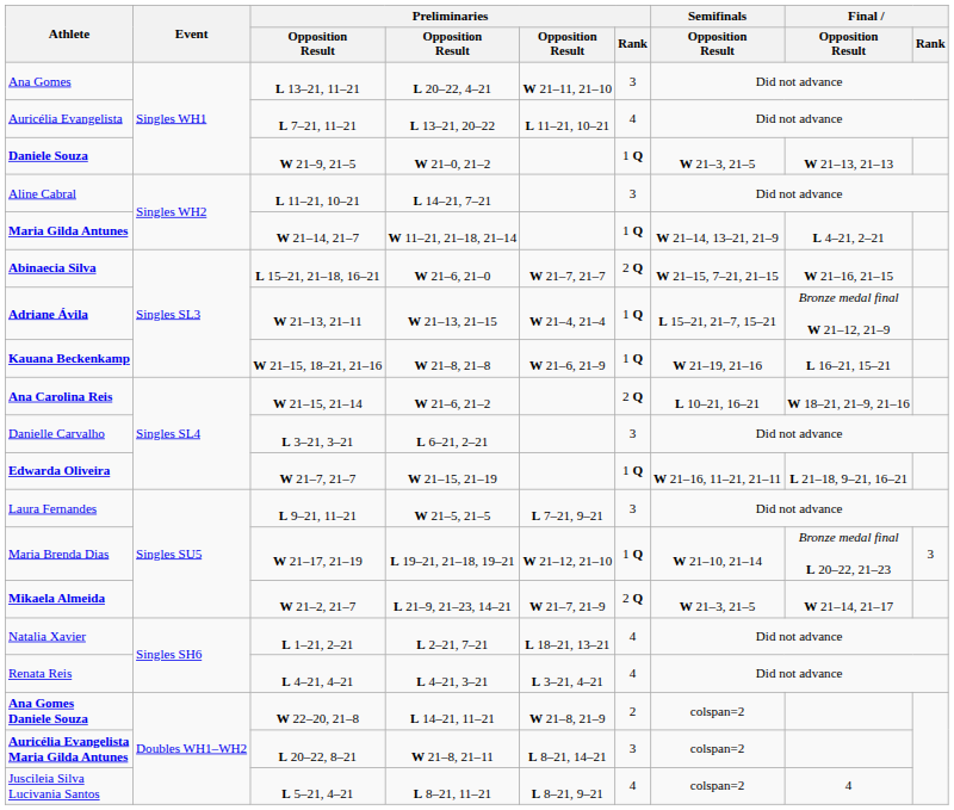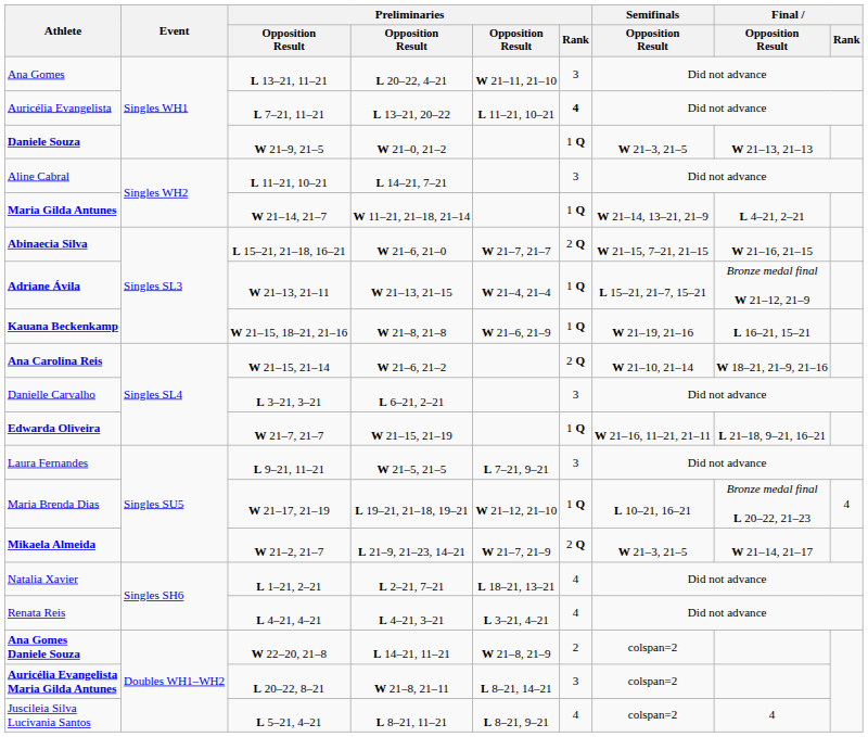 <table class=wikitable style="font-size:90%">
 <tr>
 <th rowspan="2">Athlete</th>
 <th rowspan="2">Event</th>
 <th colspan="4">Preliminaries</th>
 <th>Semifinals</th>
 <th colspan="2">Final / </th>
 </tr>
 <tr style="font-size:95%">
 <th>Opposition<br>Result</th>
 <th>Opposition<br>Result</th>
 <th>Opposition<br>Result</th>
 <th>Rank</th>
 <th>Opposition<br>Result</th>
 <th>Opposition<br>Result</th>
 <th>Rank</th>
 </tr>
 <tr align=center>
 <td align=left><a href='#'>Ana Gomes</a></td>
 <td align=left rowspan=3><a href='#'>Singles WH1</a></td>
 <td><br><strong>L</strong> 13–21, 11–21</td>
 <td><br><strong>L</strong> 20–22, 4–21</td>
 <td><br><strong>W</strong> 21–11, 21–10</td>
 <td>3</td>
 <td colspan=3>Did not advance</td>
 </tr>
 <tr align=center>
 <td align=left><a href='#'>Auricélia Evangelista</a></td>
 <td><br><strong>L</strong> 7–21, 11–21</td>
 <td><br><strong>L</strong> 13–21, 20–22</td>
 <td><br><strong>L</strong> 11–21, 10–21</td>
-<td>4</td>
+<td><strong>4</strong></td>
 <td colspan=3>Did not advance</td>
 </tr>
 <tr align=center>
 <td align=left><strong><a href='#'>Daniele Souza</a></strong></td>
 <td><br><strong>W</strong> 21–9, 21–5</td>
 <td><br><strong>W</strong> 21–0, 21–2</td>
 <td></td>
 <td>1 <strong>Q</strong></td>
 <td><br><strong>W</strong> 21–3, 21–5</td>
 <td><br><strong>W</strong> 21–13, 21–13</td>
 <td></td>
 </tr>
 <tr align=center>
 <td align=left><a href='#'>Aline Cabral</a></td>
 <td align=left rowspan=2><a href='#'>Singles WH2</a></td>
 <td><br><strong>L</strong> 11–21, 10–21</td>
 <td><br><strong>L</strong> 14–21, 7–21</td>
 <td></td>
 <td>3</td>
 <td colspan=3>Did not advance</td>
 </tr>
 <tr align=center>
 <td align=left><strong><a href='#'>Maria Gilda Antunes</a></strong></td>
 <td><br><strong>W</strong> 21–14, 21–7</td>
 <td><br><strong>W</strong> 11–21, 21–18, 21–14</td>
 <td></td>
 <td>1 <strong>Q</strong></td>
 <td><br><strong>W</strong> 21–14, 13–21, 21–9</td>
 <td><br><strong>L</strong> 4–21, 2–21</td>
 <td></td>
 </tr>
 <tr align=center>
 <td align=left><strong><a href='#'>Abinaecia Silva</a></strong></td>
 <td align=left rowspan=3><a href='#'>Singles SL3</a></td>
 <td><br><strong>L</strong> 15–21, 21–18, 16–21</td>
 <td><br><strong>W</strong> 21–6, 21–0</td>
 <td><br><strong>W</strong> 21–7, 21–7</td>
 <td>2 <strong>Q</strong></td>
 <td><br><strong>W</strong> 21–15, 7–21, 21–15</td>
 <td><br><strong>W</strong> 21–16, 21–15</td>
 <td></td>
 </tr>
 <tr align=center>
 <td align=left><strong><a href='#'>Adriane Ávila</a></strong></td>
 <td><br><strong>W</strong> 21–13, 21–11</td>
 <td><br><strong>W</strong> 21–13, 21–15</td>
 <td><br><strong>W</strong> 21–4, 21–4</td>
 <td>1 <strong>Q</strong></td>
 <td><br><strong>L</strong> 15–21, 21–7, 15–21</td>
 <td><em>Bronze medal final</em><br><br><strong>W</strong> 21–12, 21–9</td>
 <td></td>
 </tr>
 <tr align=center>
 <td align=left><strong><a href='#'>Kauana Beckenkamp</a></strong></td>
 <td><br><strong>W</strong> 21–15, 18–21, 21–16</td>
 <td><br><strong>W</strong> 21–8, 21–8</td>
 <td><br><strong>W</strong> 21–6, 21–9</td>
 <td>1 <strong>Q</strong></td>
 <td><br><strong>W</strong> 21–19, 21–16</td>
 <td><br><strong>L</strong> 16–21, 15–21</td>
 <td></td>
 </tr>
 <tr align=center>
 <td align=left><strong><a href='#'>Ana Carolina Reis</a></strong></td>
 <td align=left rowspan=3><a href='#'>Singles SL4</a></td>
 <td><br><strong>W</strong> 21–15, 21–14</td>
 <td><br><strong>W</strong> 21–6, 21–2</td>
 <td></td>
 <td>2 <strong>Q</strong></td>
-<td><br><strong>L</strong> 10–21, 16–21</td>
+<td><br><strong>W</strong> 21–10, 21–14</td>
 <td><br><strong>W</strong> 18–21, 21–9, 21–16</td>
 <td></td>
 </tr>
 <tr align=center>
 <td align=left><a href='#'>Danielle Carvalho</a></td>
 <td><br><strong>L</strong> 3–21, 3–21</td>
 <td><br><strong>L</strong> 6–21, 2–21</td>
 <td></td>
 <td>3</td>
 <td colspan=3>Did not advance</td>
 </tr>
 <tr align=center>
 <td align=left><strong><a href='#'>Edwarda Oliveira</a></strong></td>
 <td><br><strong>W</strong> 21–7, 21–7</td>
 <td><br><strong>W</strong> 21–15, 21–19</td>
 <td></td>
 <td>1 <strong>Q</strong></td>
 <td><br><strong>W</strong> 21–16, 11–21, 21–11</td>
 <td><br><strong>L</strong> 21–18, 9–21, 16–21</td>
 <td></td>
 </tr>
 <tr align=center>
 <td align=left><a href='#'>Laura Fernandes</a></td>
 <td align=left rowspan=3><a href='#'>Singles SU5</a></td>
 <td><br><strong>L</strong> 9–21, 11–21</td>
 <td><br><strong>W</strong> 21–5, 21–5</td>
 <td><br><strong>L</strong> 7–21, 9–21</td>
 <td>3</td>
 <td colspan=3>Did not advance</td>
 </tr>
 <tr align=center>
 <td align=left><a href='#'>Maria Brenda Dias</a></td>
 <td><br><strong>W</strong> 21–17, 21–19</td>
 <td><br><strong>L</strong> 19–21, 21–18, 19–21</td>
 <td><br><strong>W</strong> 21–12, 21–10</td>
 <td>1 <strong>Q</strong></td>
-<td><br><strong>W</strong> 21–10, 21–14</td>
+<td><br><strong>L</strong> 10–21, 16–21</td>
 <td><em>Bronze medal final</em><br><br><strong>L</strong> 20–22, 21–23</td>
-<td>3</td>
+<td>4</td>
 </tr>
 <tr align=center>
 <td align=left><strong><a href='#'>Mikaela Almeida</a></strong></td>
 <td><br><strong>W</strong> 21–2, 21–7</td>
 <td><br><strong>L</strong> 21–9, 21–23, 14–21</td>
 <td><br><strong>W</strong> 21–7, 21–9</td>
 <td>2 <strong>Q</strong></td>
 <td><br><strong>W</strong> 21–3, 21–5</td>
 <td><br><strong>W</strong> 21–14, 21–17</td>
 <td></td>
 </tr>
 <tr align=center>
 <td align=left><a href='#'>Natalia Xavier</a></td>
 <td align=left rowspan=2><a href='#'>Singles SH6</a></td>
 <td><br><strong>L</strong> 1–21, 2–21</td>
 <td><br><strong>L</strong> 2–21, 7–21</td>
 <td><br><strong>L</strong> 18–21, 13–21</td>
 <td>4</td>
 <td colspan=3>Did not advance</td>
 </tr>
 <tr align=center>
 <td align=left><a href='#'>Renata Reis</a></td>
 <td><br><strong>L</strong> 4–21, 4–21</td>
 <td><br><strong>L</strong> 4–21, 3–21</td>
 <td><br><strong>L</strong> 3–21, 4–21</td>
 <td>4</td>
 <td colspan=3>Did not advance</td>
 </tr>
 <tr align=center>
 <td align=left><strong><a href='#'>Ana Gomes</a><br><a href='#'>Daniele Souza</a></strong></td>
 <td align=left rowspan=3><a href='#'>Doubles WH1–WH2</a></td>
 <td><br><strong>W</strong> 22–20, 21–8</td>
 <td><br><strong>L</strong> 14–21, 11–21</td>
 <td><br><strong>W</strong> 21–8, 21–9</td>
 <td>2</td>
 <td>colspan=2 </td>
 <td></td>
 </tr>
 <tr align=center>
 <td align=left><strong><a href='#'>Auricélia Evangelista</a><br><a href='#'>Maria Gilda Antunes</a></strong></td>
 <td><br><strong>L</strong> 20–22, 8–21</td>
 <td><br><strong>W</strong> 21–8, 21–11</td>
 <td><br><strong>L</strong> 8–21, 14–21</td>
 <td>3</td>
 <td>colspan=2 </td>
 <td></td>
 </tr>
 <tr align=center>
 <td align=left><a href='#'>Juscileia Silva</a><br><a href='#'>Lucivania Santos</a></td>
 <td><br><strong>L</strong> 5–21, 4–21</td>
 <td><br><strong>L</strong> 8–21, 11–21</td>
 <td><br><strong>L</strong> 8–21, 9–21</td>
 <td>4</td>
 <td>colspan=2 </td>
 <td>4</td>
 </tr>
 </table>
